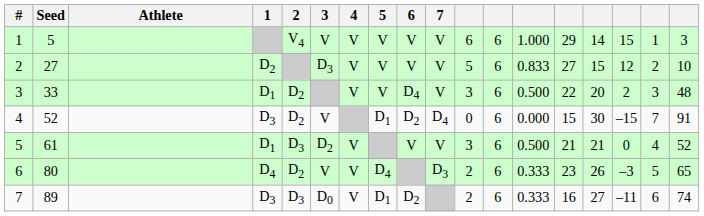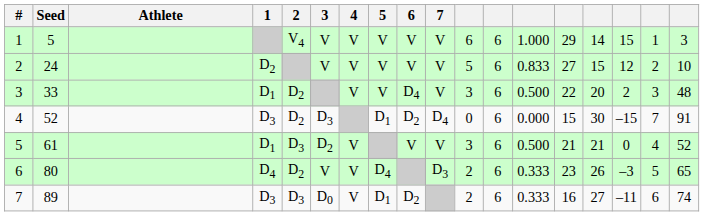 <table class="wikitable" style="text-align:center">
 <tr>
 <th width="25">#</th>
 <th width="25">Seed</th>
 <th width="200">Athlete</th>
 <th width="25">1</th>
 <th width="25">2</th>
 <th width="25">3</th>
 <th width="25">4</th>
 <th width="25">5</th>
 <th width="25">6</th>
 <th width="25">7</th>
 <th width="25"></th>
 <th width="25"></th>
 <th width="40"></th>
 <th width="25"></th>
 <th width="25"></th>
 <th width="25"></th>
 <th width="25"></th>
 <th width="25"></th>
 </tr>
 <tr bgcolor="ccffcc">
 <td>1</td>
 <td>5</td>
 <td align=left></td>
 <td bgcolor="#cccccc"></td>
 <td>V<sub>4</sub></td>
 <td>V</td>
 <td>V</td>
 <td>V</td>
 <td>V</td>
 <td>V</td>
 <td>6</td>
 <td>6</td>
 <td>1.000</td>
 <td>29</td>
 <td>14</td>
 <td>15</td>
 <td>1</td>
 <td>3</td>
 </tr>
 <tr bgcolor="ccffcc">
 <td>2</td>
-<td>27</td>
+<td>24</td>
 <td align=left></td>
 <td>D<sub>2</sub></td>
 <td bgcolor="#cccccc"></td>
-<td>D<sub>3</sub></td>
+<td>V</td>
 <td>V</td>
 <td>V</td>
 <td>V</td>
 <td>V</td>
 <td>5</td>
 <td>6</td>
 <td>0.833</td>
 <td>27</td>
 <td>15</td>
 <td>12</td>
 <td>2</td>
 <td>10</td>
 </tr>
 <tr bgcolor="ccffcc">
 <td>3</td>
 <td>33</td>
 <td align=left></td>
 <td>D<sub>1</sub></td>
 <td>D<sub>2</sub></td>
 <td bgcolor="#cccccc"></td>
 <td>V</td>
 <td>V</td>
 <td>D<sub>4</sub></td>
 <td>V</td>
 <td>3</td>
 <td>6</td>
 <td>0.500</td>
 <td>22</td>
 <td>20</td>
 <td>2</td>
 <td>3</td>
 <td>48</td>
 </tr>
 <tr>
 <td>4</td>
 <td>52</td>
 <td align=left></td>
 <td>D<sub>3</sub></td>
 <td>D<sub>2</sub></td>
-<td>V</td>
+<td>D<sub>3</sub></td>
 <td bgcolor="#cccccc"></td>
 <td>D<sub>1</sub></td>
 <td>D<sub>2</sub></td>
 <td>D<sub>4</sub></td>
 <td>0</td>
 <td>6</td>
 <td>0.000</td>
 <td>15</td>
 <td>30</td>
 <td>–15</td>
 <td>7</td>
 <td>91</td>
 </tr>
 <tr bgcolor="ccffcc">
 <td>5</td>
 <td>61</td>
 <td align=left></td>
 <td>D<sub>1</sub></td>
 <td>D<sub>3</sub></td>
 <td>D<sub>2</sub></td>
 <td>V</td>
 <td bgcolor="#cccccc"></td>
 <td>V</td>
 <td>V</td>
 <td>3</td>
 <td>6</td>
 <td>0.500</td>
 <td>21</td>
 <td>21</td>
 <td>0</td>
 <td>4</td>
 <td>52</td>
 </tr>
 <tr bgcolor="ccffcc">
 <td>6</td>
 <td>80</td>
 <td align=left></td>
 <td>D<sub>4</sub></td>
 <td>D<sub>2</sub></td>
 <td>V</td>
 <td>V</td>
 <td>D<sub>4</sub></td>
 <td bgcolor="#cccccc"></td>
 <td>D<sub>3</sub></td>
 <td>2</td>
 <td>6</td>
 <td>0.333</td>
 <td>23</td>
 <td>26</td>
 <td>–3</td>
 <td>5</td>
 <td>65</td>
 </tr>
 <tr>
 <td>7</td>
 <td>89</td>
 <td align=left></td>
 <td>D<sub>3</sub></td>
 <td>D<sub>3</sub></td>
 <td>D<sub>0</sub></td>
 <td>V</td>
 <td>D<sub>1</sub></td>
 <td>D<sub>2</sub></td>
 <td bgcolor="#cccccc"></td>
 <td>2</td>
 <td>6</td>
 <td>0.333</td>
 <td>16</td>
 <td>27</td>
 <td>–11</td>
 <td>6</td>
 <td>74</td>
 </tr>
 </table>
